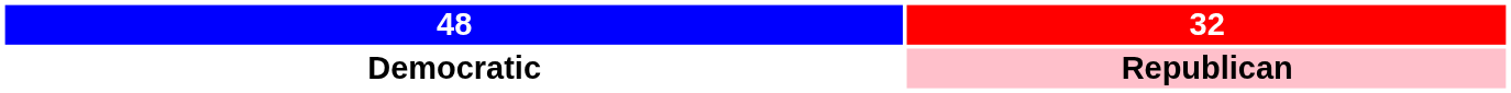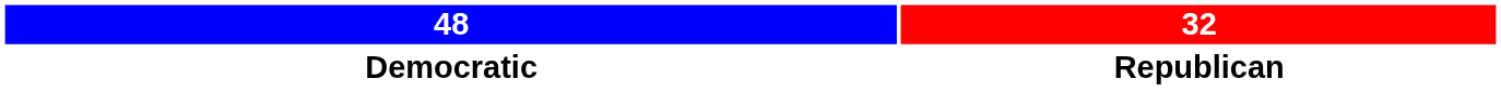 <table style="width:60%; text-align:center;">
 <tr style="color:white;">
 <td style="background:blue; width:60%;"><strong>48</strong></td>
 <td style="background:red; width:40%;"><strong>32</strong></td>
 </tr>
 <tr>
 <td><span><strong>Democratic</strong></span></td>
-<td style="background: pink;"><span><strong>Republican</strong></span></td>
+<td><span><strong>Republican</strong></span></td>
 </tr>
 </table>
